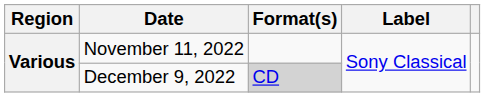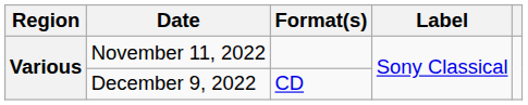 <table class="wikitable plainrowheaders">
 <tr>
 <th scope="col">Region</th>
 <th scope="col">Date</th>
 <th scope="col">Format(s)</th>
 <th scope="col">Label</th>
 <th scope="col"></th>
 </tr>
 <tr>
 <th rowspan="2" scope="row">Various</th>
 <td>November 11, 2022</td>
 <td></td>
 <td rowspan="2"><a href='#'>Sony Classical</a></td>
 <td rowspan="2" align="center"></td>
 </tr>
 <tr>
 <td>December 9, 2022</td>
-<td style="background: lightgrey;"><a href='#'>CD</a></td>
+<td><a href='#'>CD</a></td>
 </tr>
 </table>
